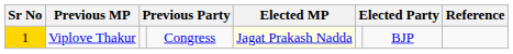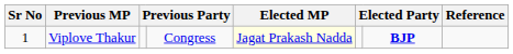 <table class="wikitable">
 <tr>
 <th>Sr No</th>
 <th>Previous MP</th>
 <th colspan=2>Previous Party</th>
 <th>Elected MP</th>
 <th colspan=2>Elected Party</th>
 <th>Reference</th>
 </tr>
 <tr style="text-align:center;">
-<td style="background: gold;">1</td>
+<td>1</td>
 <td><a href='#'>Viplove Thakur</a></td>
 <td width="1px"></td>
 <td rowspan=1><a href='#'>Congress</a></td>
 <td style="background: lightyellow;"><a href='#'>Jagat Prakash Nadda</a></td>
 <td width="1px"></td>
-<td rowspan=1><a href='#'>BJP</a></td>
+<td rowspan=1><strong><a href='#'>BJP</a></strong></td>
 <td rowspan=1></td>
 </tr>
 </table>
